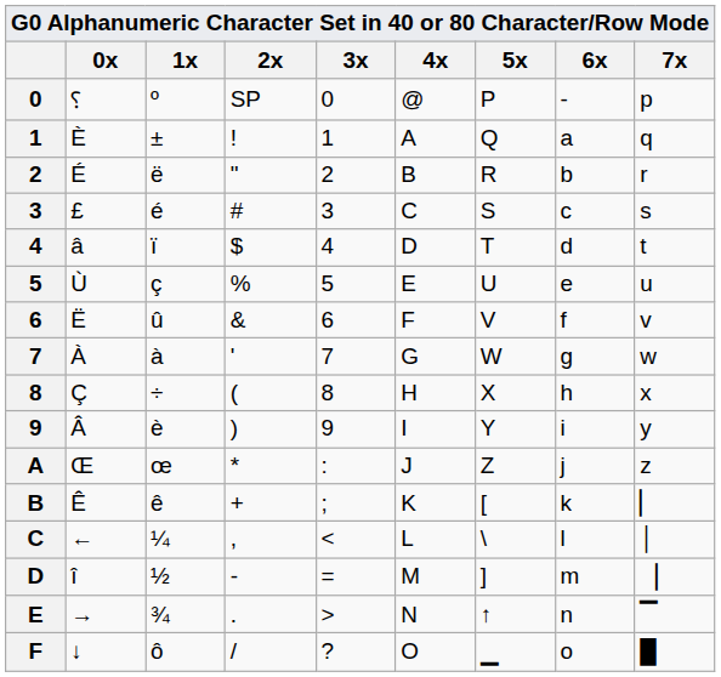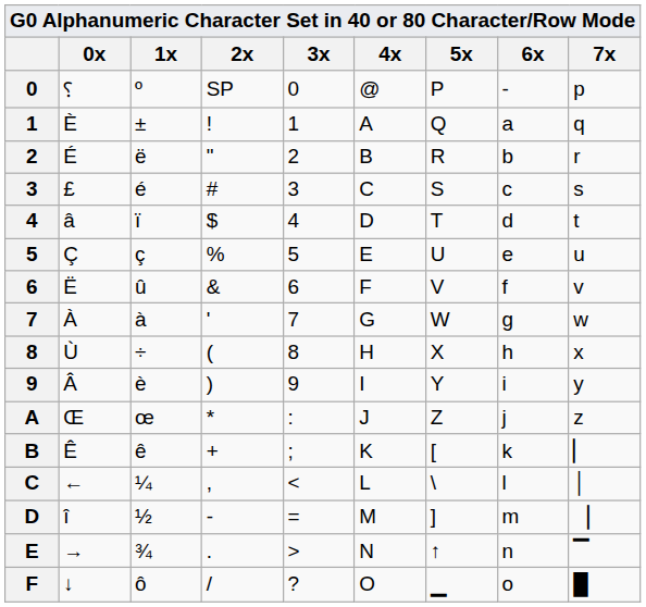 <table class="wikitable">
 <tr>
 <th colspan="9" style="background-color:#EAECF0;">G0 Alphanumeric Character Set in 40 or 80 Character/Row Mode</th>
 </tr>
 <tr>
 <th></th>
 <th>0x</th>
 <th>1x</th>
 <th>2x</th>
 <th>3x</th>
 <th>4x</th>
 <th>5x</th>
 <th>6x</th>
 <th>7x</th>
 </tr>
 <tr>
 <th>0</th>
 <td>⸮</td>
 <td>º</td>
 <td>SP</td>
 <td>0</td>
 <td>@</td>
 <td>P</td>
 <td>-</td>
 <td>p</td>
 </tr>
 <tr>
 <th>1</th>
 <td>È</td>
 <td>±</td>
 <td>!</td>
 <td>1</td>
 <td>A</td>
 <td>Q</td>
 <td>a</td>
 <td>q</td>
 </tr>
 <tr>
 <th>2</th>
 <td>É</td>
 <td>ë</td>
 <td>"</td>
 <td>2</td>
 <td>B</td>
 <td>R</td>
 <td>b</td>
 <td>r</td>
 </tr>
 <tr>
 <th>3</th>
 <td>£</td>
 <td>é</td>
 <td>#</td>
 <td>3</td>
 <td>C</td>
 <td>S</td>
 <td>c</td>
 <td>s</td>
 </tr>
 <tr>
 <th>4</th>
 <td>â</td>
 <td>ï</td>
 <td>$</td>
 <td>4</td>
 <td>D</td>
 <td>T</td>
 <td>d</td>
 <td>t</td>
 </tr>
 <tr>
 <th>5</th>
-<td>Ù</td>
+<td>Ç</td>
 <td>ç</td>
 <td>%</td>
 <td>5</td>
 <td>E</td>
 <td>U</td>
 <td>e</td>
 <td>u</td>
 </tr>
 <tr>
 <th>6</th>
 <td>Ë</td>
 <td>û</td>
 <td>&</td>
 <td>6</td>
 <td>F</td>
 <td>V</td>
 <td>f</td>
 <td>v</td>
 </tr>
 <tr>
 <th>7</th>
 <td>À</td>
 <td>à</td>
 <td>'</td>
 <td>7</td>
 <td>G</td>
 <td>W</td>
 <td>g</td>
 <td>w</td>
 </tr>
 <tr>
 <th>8</th>
-<td>Ç</td>
+<td>Ù</td>
 <td>÷</td>
 <td>(</td>
 <td>8</td>
 <td>H</td>
 <td>X</td>
 <td>h</td>
 <td>x</td>
 </tr>
 <tr>
 <th>9</th>
 <td>Â</td>
 <td>è</td>
 <td>)</td>
 <td>9</td>
 <td>I</td>
 <td>Y</td>
 <td>i</td>
 <td>y</td>
 </tr>
 <tr>
 <th>A</th>
 <td>Œ</td>
 <td>œ</td>
 <td>*</td>
 <td>:</td>
 <td>J</td>
 <td>Z</td>
 <td>j</td>
 <td>z</td>
 </tr>
 <tr>
 <th>B</th>
 <td>Ê</td>
 <td>ê</td>
 <td>+</td>
 <td>;</td>
 <td>K</td>
 <td>[</td>
 <td>k</td>
 <td>▏</td>
 </tr>
 <tr>
 <th>C</th>
 <td>←</td>
 <td>¼</td>
 <td>,</td>
 <td><</td>
 <td>L</td>
 <td>\</td>
 <td>l</td>
 <td>│</td>
 </tr>
 <tr>
 <th>D</th>
 <td>î</td>
 <td>½</td>
 <td>-</td>
 <td>=</td>
 <td>M</td>
 <td>]</td>
 <td>m</td>
 <td>▕</td>
 </tr>
 <tr>
 <th>E</th>
 <td>→</td>
 <td>¾</td>
 <td>.</td>
 <td>></td>
 <td>N</td>
 <td>↑</td>
 <td>n</td>
 <td>▔</td>
 </tr>
 <tr>
 <th>F</th>
 <td>↓</td>
 <td>ô</td>
 <td>/</td>
 <td>?</td>
 <td>O</td>
 <td>▁</td>
 <td>o</td>
 <td>█</td>
 </tr>
 </table>
